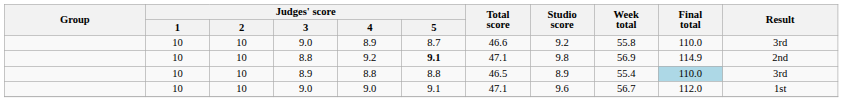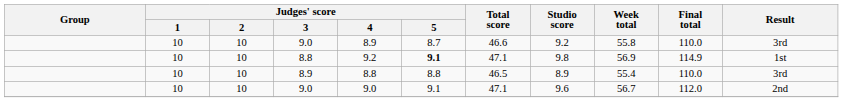 <table class="wikitable" style="font-size:100%; line-height:16px; text-align:center" width="100%">
 <tr>
 <th rowspan=2 width="11.00%">Group</th>
 <th colspan=5 width="25.00%">Judges' score</th>
 <th rowspan=2 width="05.00%">Total<br>score</th>
 <th rowspan=2 width="05.00%">Studio<br>score</th>
 <th rowspan=2 width="05.00%">Week<br>total</th>
 <th rowspan=2 width="05.00%">Final<br>total</th>
 <th rowspan=2 width="09.00%">Result</th>
 </tr>
 <tr>
 <th width="05%">1</th>
 <th width="05%">2</th>
 <th width="05%">3</th>
 <th width="05%">4</th>
 <th width="05%">5</th>
 </tr>
 <tr>
 <td></td>
 <td>10</td>
 <td>10</td>
 <td>9.0</td>
 <td>8.9</td>
 <td>8.7</td>
 <td>46.6</td>
 <td>9.2</td>
 <td>55.8</td>
 <td>110.0</td>
 <td>3rd</td>
 </tr>
 <tr>
 <td></td>
 <td>10</td>
 <td>10</td>
 <td>8.8</td>
 <td>9.2</td>
 <td><strong>9.1</strong></td>
 <td>47.1</td>
 <td>9.8</td>
 <td>56.9</td>
 <td>114.9</td>
-<td>2nd</td>
+<td>1st</td>
 </tr>
 <tr>
 <td></td>
 <td>10</td>
 <td>10</td>
 <td>8.9</td>
 <td>8.8</td>
 <td>8.8</td>
 <td>46.5</td>
 <td>8.9</td>
 <td>55.4</td>
-<td style="background: lightblue;">110.0</td>
+<td>110.0</td>
 <td>3rd</td>
 </tr>
 <tr>
 <td></td>
 <td>10</td>
 <td>10</td>
 <td>9.0</td>
 <td>9.0</td>
 <td>9.1</td>
 <td>47.1</td>
 <td>9.6</td>
 <td>56.7</td>
 <td>112.0</td>
-<td>1st</td>
+<td>2nd</td>
 </tr>
 <tr>
 </tr>
 </table>
